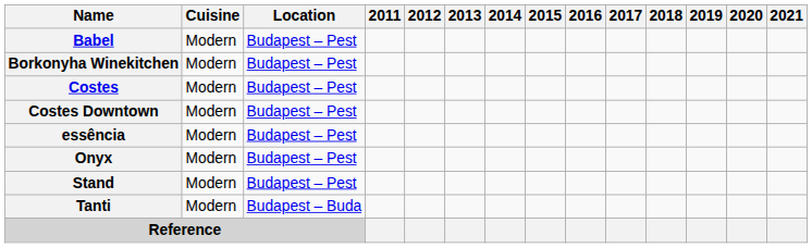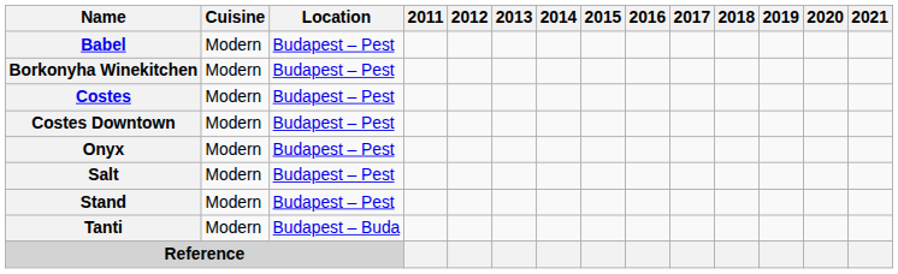 <table class="wikitable sortable plainrowheaders" style="text-align:left;"">
 <tr>
 <th scope="col">Name</th>
 <th scope="col">Cuisine</th>
 <th scope="col">Location</th>
 <th scope="col">2011</th>
 <th scope="col">2012</th>
 <th scope="col">2013</th>
 <th scope="col">2014</th>
 <th scope="col">2015</th>
 <th scope="col">2016</th>
 <th scope="col">2017</th>
 <th scope="col">2018</th>
 <th scope="col">2019</th>
 <th scope="col">2020</th>
 <th scope="col">2021</th>
 </tr>
 <tr>
 <th scope="row"><a href='#'>Babel</a></th>
 <td>Modern</td>
 <td><a href='#'>Budapest – Pest</a></td>
 <td></td>
 <td></td>
 <td></td>
 <td></td>
 <td></td>
 <td></td>
 <td></td>
 <td></td>
 <td></td>
 <td></td>
 <td></td>
 </tr>
 <tr>
 <th scope="row">Borkonyha Winekitchen</th>
 <td>Modern</td>
 <td><a href='#'>Budapest – Pest</a></td>
 <td></td>
 <td></td>
 <td></td>
 <td></td>
 <td></td>
 <td></td>
 <td></td>
 <td></td>
 <td></td>
 <td></td>
 <td></td>
 </tr>
 <tr>
 <th scope="row"><a href='#'>Costes</a></th>
 <td>Modern</td>
 <td><a href='#'>Budapest – Pest</a></td>
 <td></td>
 <td></td>
 <td></td>
 <td></td>
 <td></td>
 <td></td>
 <td></td>
 <td></td>
 <td></td>
 <td></td>
 <td></td>
 </tr>
 <tr>
 <th scope="row">Costes Downtown</th>
 <td>Modern</td>
 <td><a href='#'>Budapest – Pest</a></td>
 <td></td>
 <td></td>
 <td></td>
 <td></td>
 <td></td>
 <td></td>
 <td></td>
 <td></td>
 <td></td>
 <td></td>
 <td></td>
 </tr>
 <tr>
-<th scope="row">essência</th>
+<th scope="row">Onyx</th>
 <td>Modern</td>
 <td><a href='#'>Budapest – Pest</a></td>
 <td></td>
 <td></td>
 <td></td>
 <td></td>
 <td></td>
 <td></td>
 <td></td>
 <td></td>
 <td></td>
 <td></td>
 <td></td>
 </tr>
 <tr>
-<th scope="row">Onyx</th>
+<th scope="row">Salt</th>
 <td>Modern</td>
 <td><a href='#'>Budapest – Pest</a></td>
 <td></td>
 <td></td>
 <td></td>
 <td></td>
 <td></td>
 <td></td>
 <td></td>
 <td></td>
 <td></td>
 <td></td>
 <td></td>
 </tr>
 <tr>
 <th scope="row">Stand</th>
 <td>Modern</td>
 <td><a href='#'>Budapest – Pest</a></td>
 <td></td>
 <td></td>
 <td></td>
 <td></td>
 <td></td>
 <td></td>
 <td></td>
 <td></td>
 <td></td>
 <td></td>
 <td></td>
 </tr>
 <tr>
 <th scope="row">Tanti</th>
 <td>Modern</td>
 <td><a href='#'>Budapest – Buda</a></td>
 <td></td>
 <td></td>
 <td></td>
 <td></td>
 <td></td>
 <td></td>
 <td></td>
 <td></td>
 <td></td>
 <td></td>
 <td></td>
 </tr>
 <tr>
 <th colspan="3" style="text-align: center;background: lightgray;">Reference</th>
 <th></th>
 <th></th>
 <th></th>
 <th></th>
 <th></th>
 <th></th>
 <th></th>
 <th></th>
 <th></th>
 <th></th>
 <th></th>
 </tr>
 </table>
